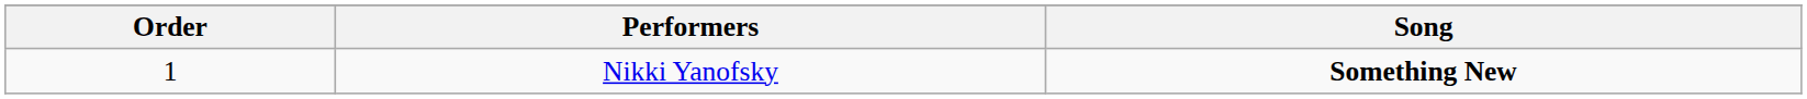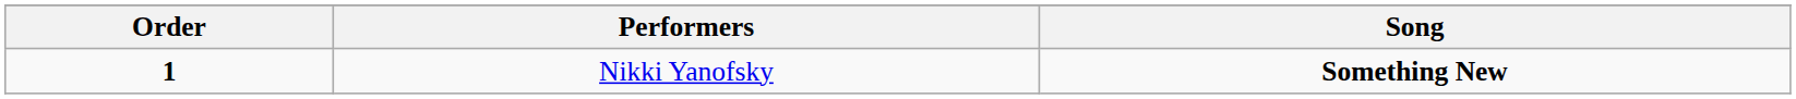 <table class="wikitable" style="text-align:center; width:65%;">
 <tr>
 </tr>
 <tr>
 <th>Order</th>
 <th>Performers</th>
 <th>Song</th>
 </tr>
 <tr>
-<td>1</td>
+<td><strong>1</strong></td>
 <td><a href='#'>Nikki Yanofsky</a></td>
 <td><strong>Something New</strong></td>
 </tr>
 </table>
